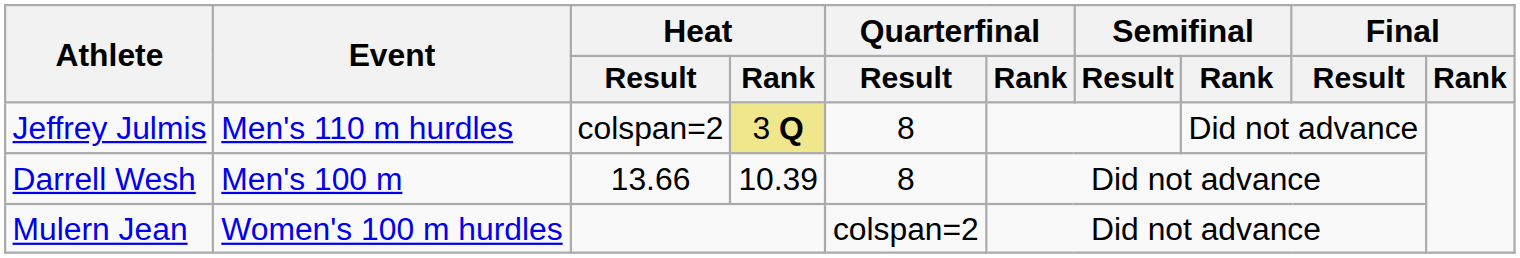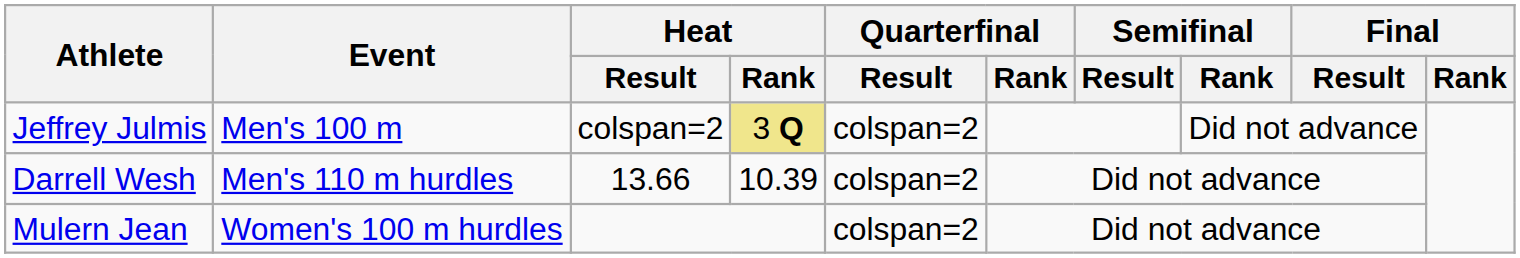 <table class="wikitable" style="font-size:90%">
 <tr>
 <th rowspan="2">Athlete</th>
 <th rowspan="2">Event</th>
 <th colspan="2">Heat</th>
 <th colspan="2">Quarterfinal</th>
 <th colspan="2">Semifinal</th>
 <th colspan="2">Final</th>
 </tr>
 <tr style="font-size:95%">
 <th>Result</th>
 <th>Rank</th>
 <th>Result</th>
 <th>Rank</th>
 <th>Result</th>
 <th>Rank</th>
 <th>Result</th>
 <th>Rank</th>
 </tr>
 <tr align=center>
 <td align=left><a href='#'>Jeffrey Julmis</a></td>
-<td align=left><a href='#'>Men's 110 m hurdles</a></td>
+<td align=left><a href='#'>Men's 100 m</a></td>
 <td>colspan=2 </td>
 <td style="background: khaki;">3 <strong>Q</strong></td>
-<td>8</td>
+<td>colspan=2 </td>
 <td colspan=2></td>
 <td colspan=2>Did not advance</td>
 </tr>
 <tr align=center>
 <td align=left><a href='#'>Darrell Wesh</a></td>
-<td align=left><a href='#'>Men's 100 m</a></td>
+<td align=left><a href='#'>Men's 110 m hurdles</a></td>
 <td>13.66</td>
 <td>10.39</td>
-<td>8</td>
+<td>colspan=2 </td>
 <td colspan=4>Did not advance</td>
 </tr>
 <tr align=center>
 <td align=left><a href='#'>Mulern Jean</a></td>
 <td align=left><a href='#'>Women's 100 m hurdles</a></td>
 <td colspan=2></td>
 <td>colspan=2 </td>
 <td colspan=4>Did not advance</td>
 </tr>
 </table>
